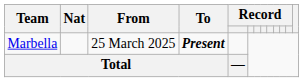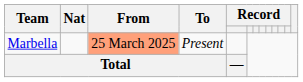 <table class="wikitable" style="text-align: center">
 <tr>
 <th rowspan="2">Team</th>
 <th rowspan="2">Nat</th>
 <th rowspan="2">From</th>
 <th rowspan="2">To</th>
 <th colspan="8">Record</th>
 <th rowspan=2></th>
 </tr>
 <tr>
 <th></th>
 <th></th>
 <th></th>
 <th></th>
 <th></th>
 <th></th>
 <th></th>
 <th></th>
 </tr>
 <tr>
 <td align="left"><a href='#'>Marbella</a></td>
 <td></td>
-<td align=left>25 March 2025</td>
-<td align=left><strong><em>Present</em><br></strong></td>
+<td align=left style="background: lightsalmon;">25 March 2025</td>
+<td align=left><em>Present</em><br></td>
 <td></td>
 </tr>
 <tr>
 <th colspan=4>Total<br></th>
 <th>—</th>
 </tr>
 </table>
